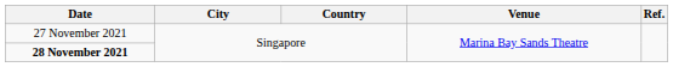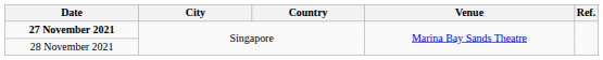 <table class="wikitable" style="text-align:center;">
 <tr>
 <th scope="col" style="width:12em;">Date</th>
 <th scope="col" style="width:10em;">City</th>
 <th scope="col" style="width:10em;">Country</th>
 <th scope="col" style="width:19em;">Venue</th>
 <th>Ref.</th>
 </tr>
 <tr>
-<td>27 November 2021</td>
+<td><strong>27 November 2021</strong></td>
 <td rowspan="2" colspan="2">Singapore</td>
 <td rowspan="2"><a href='#'>Marina Bay Sands Theatre</a></td>
 <td rowspan="2"></td>
 </tr>
 <tr>
-<td><strong>28 November 2021</strong></td>
+<td>28 November 2021</td>
 </tr>
 </table>
